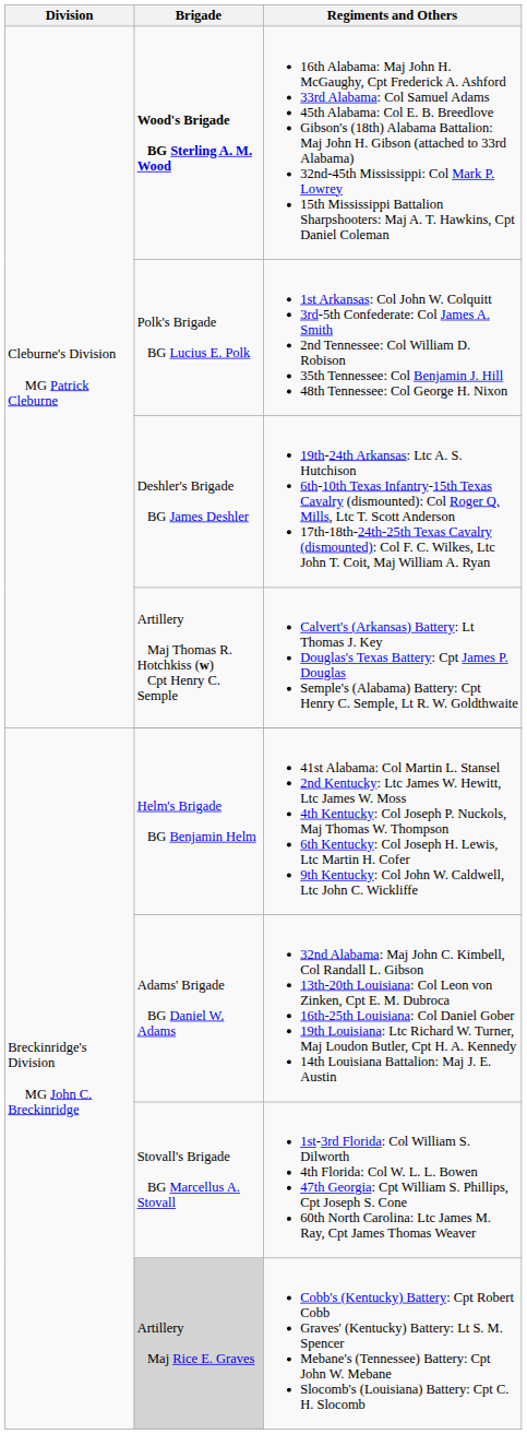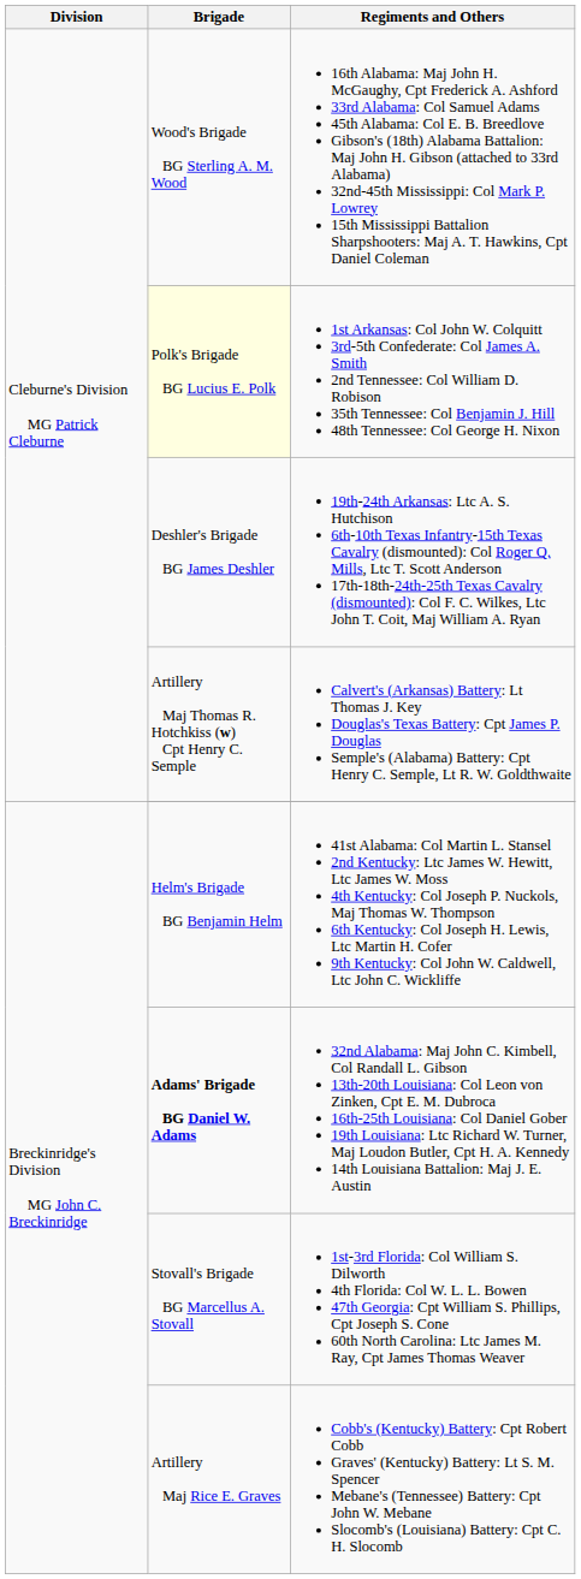 <table class="wikitable">
 <tr>
 <th width=25%>Division</th>
 <th width=25%>Brigade</th>
 <th>Regiments and Others</th>
 </tr>
 <tr>
 <td rowspan=4><br>Cleburne's Division<br><br>     MG <a href='#'>Patrick Cleburne</a> <br>  </td>
-<td><strong>Wood's Brigade<br><br>   BG <a href='#'>Sterling A. M. Wood</a></strong></td>
+<td>Wood's Brigade<br><br>   BG <a href='#'>Sterling A. M. Wood</a></td>
 <td><br><ul><li>16th Alabama: Maj John H. McGaughy, Cpt Frederick A. Ashford</li><li><a href='#'>33rd Alabama</a>: Col Samuel Adams</li><li>45th Alabama: Col E. B. Breedlove</li><li>Gibson's (18th) Alabama Battalion: Maj John H. Gibson (attached to 33rd Alabama)</li><li>32nd-45th Mississippi: Col <a href='#'>Mark P. Lowrey</a></li><li>15th Mississippi Battalion Sharpshooters: Maj A. T. Hawkins, Cpt Daniel Coleman</li></ul></td>
 </tr>
 <tr>
-<td>Polk's Brigade<br><br>   BG <a href='#'>Lucius E. Polk</a></td>
+<td style="background: lightyellow;">Polk's Brigade<br><br>   BG <a href='#'>Lucius E. Polk</a></td>
 <td><br><ul><li><a href='#'>1st Arkansas</a>: Col John W. Colquitt</li><li><a href='#'>3rd</a>-5th Confederate: Col <a href='#'>James A. Smith</a></li><li>2nd Tennessee: Col William D. Robison</li><li>35th Tennessee: Col <a href='#'>Benjamin J. Hill</a></li><li>48th Tennessee: Col George H. Nixon</li></ul></td>
 </tr>
 <tr>
 <td>Deshler's Brigade<br><br>   BG <a href='#'>James Deshler</a></td>
 <td><br><ul><li><a href='#'>19th</a>-<a href='#'>24th Arkansas</a>: Ltc A. S. Hutchison</li><li><a href='#'>6th</a>-<a href='#'>10th Texas Infantry</a>-<a href='#'>15th Texas Cavalry</a> (dismounted): Col <a href='#'>Roger Q. Mills</a>, Ltc T. Scott Anderson</li><li>17th-18th-<a href='#'>24th-25th Texas Cavalry (dismounted)</a>: Col F. C. Wilkes, Ltc John T. Coit, Maj William A. Ryan</li></ul></td>
 </tr>
 <tr>
 <td>Artillery<br><br>   Maj Thomas R. Hotchkiss (<strong>w</strong>) <br>   Cpt Henry C. Semple</td>
 <td><br><ul><li><a href='#'>Calvert's (Arkansas) Battery</a>: Lt Thomas J. Key</li><li><a href='#'>Douglas's Texas Battery</a>: Cpt <a href='#'>James P. Douglas</a></li><li>Semple's (Alabama) Battery: Cpt Henry C. Semple, Lt R. W. Goldthwaite</li></ul></td>
 </tr>
 <tr>
 <td rowspan=5><br>Breckinridge's Division<br><br>     MG <a href='#'>John C. Breckinridge</a> <br>  </td>
 </tr>
 <tr>
 <td><a href='#'>Helm's Brigade</a><br><br>   BG <a href='#'>Benjamin Helm</a></td>
 <td><br><ul><li>41st Alabama: Col Martin L. Stansel</li><li><a href='#'>2nd Kentucky</a>: Ltc James W. Hewitt, Ltc James W. Moss</li><li><a href='#'>4th Kentucky</a>: Col Joseph P. Nuckols, Maj Thomas W. Thompson</li><li><a href='#'>6th Kentucky</a>: Col Joseph H. Lewis, Ltc Martin H. Cofer</li><li><a href='#'>9th Kentucky</a>: Col John W. Caldwell, Ltc John C. Wickliffe</li></ul></td>
 </tr>
 <tr>
-<td>Adams' Brigade<br><br>   BG <a href='#'>Daniel W. Adams</a></td>
+<td><strong>Adams' Brigade<br><br>   BG <a href='#'>Daniel W. Adams</a></strong></td>
 <td><br><ul><li><a href='#'>32nd Alabama</a>: Maj John C. Kimbell, Col Randall L. Gibson</li><li><a href='#'>13th-20th Louisiana</a>: Col Leon von Zinken, Cpt E. M. Dubroca</li><li><a href='#'>16th-25th Louisiana</a>: Col Daniel Gober</li><li><a href='#'>19th Louisiana</a>: Ltc Richard W. Turner, Maj Loudon Butler, Cpt H. A. Kennedy</li><li>14th Louisiana Battalion: Maj J. E. Austin</li></ul></td>
 </tr>
 <tr>
 <td>Stovall's Brigade<br><br>   BG <a href='#'>Marcellus A. Stovall</a></td>
 <td><br><ul><li><a href='#'>1st</a>-<a href='#'>3rd Florida</a>: Col William S. Dilworth</li><li>4th Florida: Col W. L. L. Bowen</li><li><a href='#'>47th Georgia</a>: Cpt William S. Phillips, Cpt Joseph S. Cone</li><li>60th North Carolina: Ltc James M. Ray, Cpt James Thomas Weaver</li></ul></td>
 </tr>
 <tr>
-<td style="background: lightgrey;">Artillery<br><br>   Maj <a href='#'>Rice E. Graves</a></td>
+<td>Artillery<br><br>   Maj <a href='#'>Rice E. Graves</a></td>
 <td><br><ul><li><a href='#'>Cobb's (Kentucky) Battery</a>: Cpt Robert Cobb</li><li>Graves' (Kentucky) Battery: Lt S. M. Spencer</li><li>Mebane's (Tennessee) Battery: Cpt John W. Mebane</li><li>Slocomb's (Louisiana) Battery: Cpt C. H. Slocomb</li></ul></td>
 </tr>
 </table>
